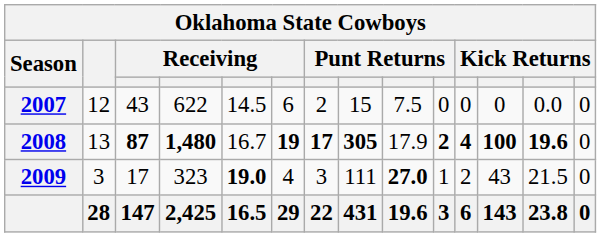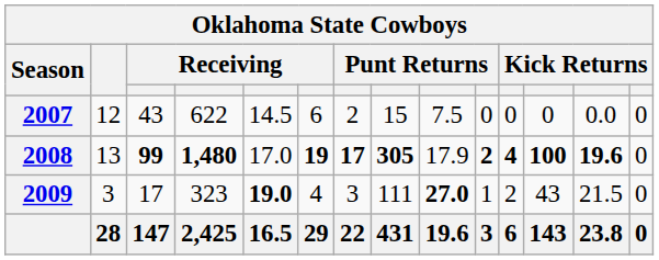 <table class="wikitable" style="text-align:center;">
 <tr>
 <th colspan="15">Oklahoma State Cowboys</th>
 </tr>
 <tr>
 <th rowspan="2">Season</th>
 <th rowspan="2"></th>
 <th colspan="4">Receiving</th>
 <th colspan="4">Punt Returns</th>
 <th colspan="4">Kick Returns</th>
 </tr>
 <tr>
 <th></th>
 <th></th>
 <th></th>
 <th></th>
 <th></th>
 <th></th>
 <th></th>
 <th></th>
 <th></th>
 <th></th>
 <th></th>
 <th></th>
 </tr>
 <tr>
 <th><a href='#'>2007</a></th>
 <td>12</td>
 <td>43</td>
 <td>622</td>
 <td>14.5</td>
 <td>6</td>
 <td>2</td>
 <td>15</td>
 <td>7.5</td>
 <td>0</td>
 <td>0</td>
 <td>0</td>
 <td>0.0</td>
 <td>0</td>
 </tr>
 <tr>
 <th><a href='#'>2008</a></th>
 <td>13</td>
-<td><strong>87</strong></td>
+<td><strong>99</strong></td>
 <td><strong>1,480</strong></td>
-<td>16.7</td>
+<td>17.0</td>
 <td><strong>19</strong></td>
 <td><strong>17</strong></td>
 <td><strong>305</strong></td>
 <td>17.9</td>
 <td><strong>2</strong></td>
 <td><strong>4</strong></td>
 <td><strong>100</strong></td>
 <td><strong>19.6</strong></td>
 <td>0</td>
 </tr>
 <tr>
 <th><a href='#'>2009</a></th>
 <td>3</td>
 <td>17</td>
 <td>323</td>
 <td><strong>19.0</strong></td>
 <td>4</td>
 <td>3</td>
 <td>111</td>
 <td><strong>27.0</strong></td>
 <td>1</td>
 <td>2</td>
 <td>43</td>
 <td>21.5</td>
 <td>0</td>
 </tr>
 <tr>
 <th></th>
 <th>28</th>
 <th>147</th>
 <th>2,425</th>
 <th>16.5</th>
 <th>29</th>
 <th>22</th>
 <th>431</th>
 <th>19.6</th>
 <th>3</th>
 <th>6</th>
 <th>143</th>
 <th>23.8</th>
 <th>0</th>
 </tr>
 </table>
